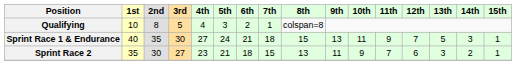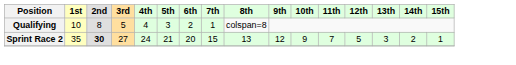 <table class="wikitable" style="font-size:85%; text-align:center">
 <tr>
 <th>Position</th>
 <td style="background:#ffffbf;"> <strong>1st</strong> </td>
 <td style="background:#dfdfdf;"> <strong>2nd</strong> </td>
 <td style="background:#ffdf9f;"> <strong>3rd</strong> </td>
 <td style="background:#dfffdf;"> <strong>4th</strong> </td>
 <td style="background:#dfffdf;"> <strong>5th</strong> </td>
 <td style="background:#dfffdf;"> <strong>6th</strong> </td>
 <td style="background:#dfffdf;"> <strong>7th</strong> </td>
 <td style="background:#dfffdf;"> <strong>8th</strong> </td>
 <td style="background:#dfffdf;"> <strong>9th</strong> </td>
 <td style="background:#dfffdf;"> <strong>10th</strong> </td>
 <td style="background:#dfffdf;"> <strong>11th</strong> </td>
 <td style="background:#dfffdf;"> <strong>12th</strong> </td>
 <td style="background:#dfffdf;"> <strong>13th</strong> </td>
 <td style="background:#dfffdf;"> <strong>14th</strong> </td>
 <td style="background:#dfffdf;"> <strong>15th</strong> </td>
 </tr>
 <tr>
 <th>Qualifying</th>
 <td style="background:#ffffbf;">10</td>
 <td style="background:#dfdfdf;">8</td>
 <td style="background:#ffdf9f;">5</td>
 <td style="background:#dfffdf;">4</td>
 <td style="background:#dfffdf;">3</td>
 <td style="background:#dfffdf;">2</td>
 <td style="background:#dfffdf;">1</td>
 <td>colspan=8 </td>
 </tr>
 <tr>
-<th>Sprint Race 1 & Endurance</th>
-<td style="background:#ffffbf;">40</td>
-<td style="background:#dfdfdf;">35</td>
-<td style="background:#ffdf9f;">30</td>
-<td style="background:#dfffdf;">27</td>
+<th>Sprint Race 2</th>
+<td style="background:#ffffbf;">35</td>
+<td style="background:#dfdfdf;"><strong>30</strong></td>
+<td style="background:#ffdf9f;">27</td>
 <td style="background:#dfffdf;">24</td>
 <td style="background:#dfffdf;">21</td>
-<td style="background:#dfffdf;">18</td>
+<td style="background:#dfffdf;">20</td>
 <td style="background:#dfffdf;">15</td>
 <td style="background:#dfffdf;">13</td>
-<td style="background:#dfffdf;">11</td>
+<td style="background:#dfffdf;">12</td>
 <td style="background:#dfffdf;">9</td>
 <td style="background:#dfffdf;">7</td>
 <td style="background:#dfffdf;">5</td>
-<td style="background:#dfffdf;">3</td>
-<td style="background:#dfffdf;">1</td>
-</tr>
-<tr>
-<th>Sprint Race 2</th>
-<td style="background:#ffffbf;">35</td>
-<td style="background:#dfdfdf;">30</td>
-<td style="background:#ffdf9f;">27</td>
-<td style="background:#dfffdf;">23</td>
-<td style="background:#dfffdf;">21</td>
-<td style="background:#dfffdf;">18</td>
-<td style="background:#dfffdf;">15</td>
-<td style="background:#dfffdf;">13</td>
-<td style="background:#dfffdf;">11</td>
-<td style="background:#dfffdf;">9</td>
-<td style="background:#dfffdf;">7</td>
-<td style="background:#dfffdf;">6</td>
 <td style="background:#dfffdf;">3</td>
 <td style="background:#dfffdf;">2</td>
 <td style="background:#dfffdf;">1</td>
 </tr>
 <tr>
 </tr>
 </table>
